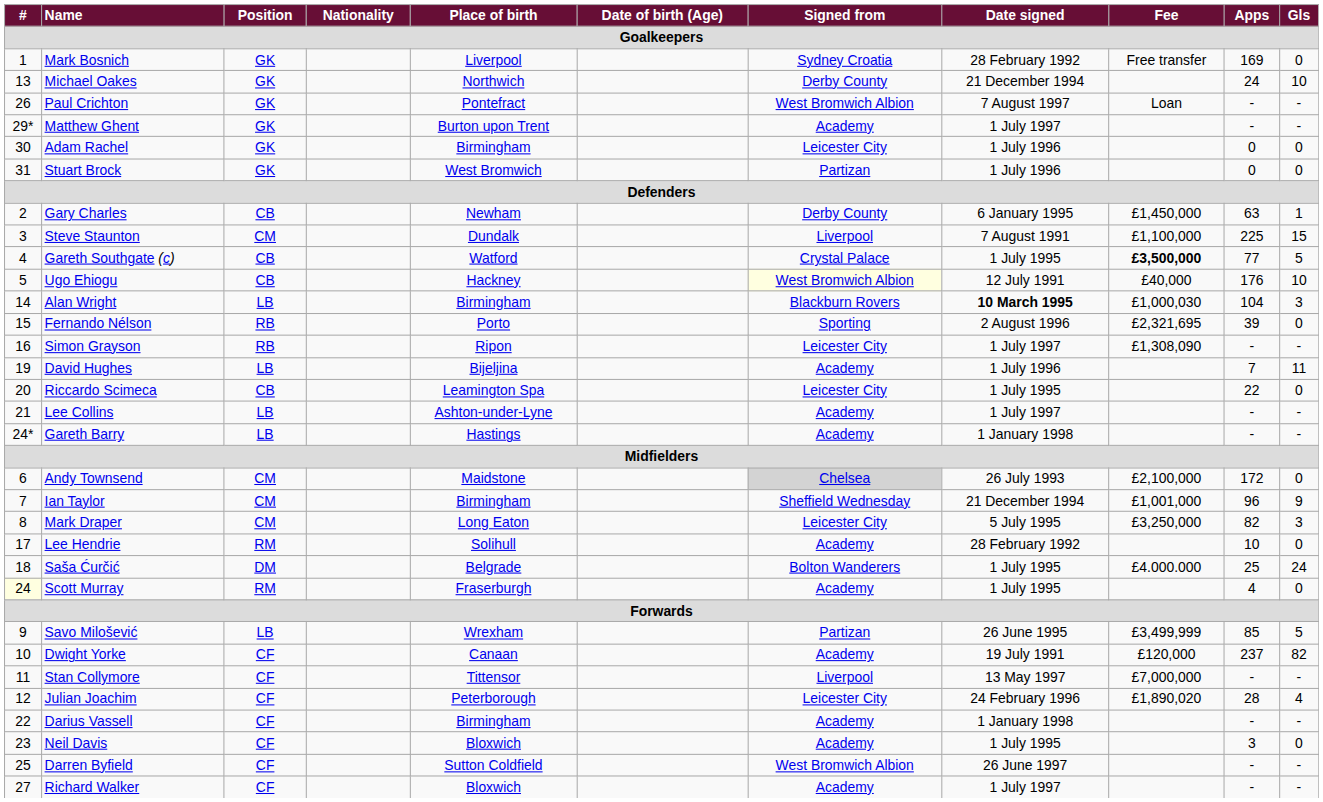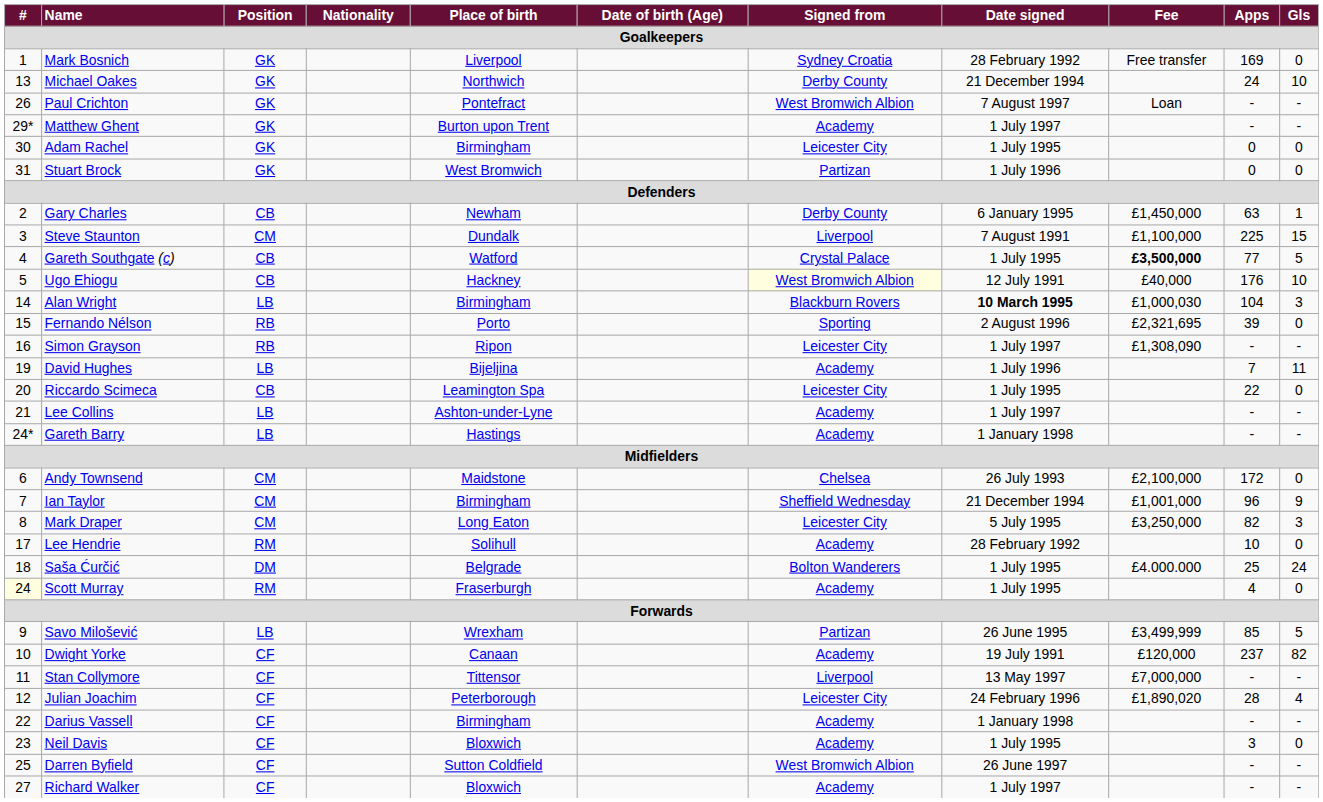 <table class="wikitable" style="text-align:center; font-size:84.5%; width:101%;">
 <tr>
 <th style="background:#670E36; color:#FFFFFF; text-align:center;">#</th>
 <th style="background:#670E36; color:#FFFFFF; text-align:left;">Name</th>
 <th style="background:#670E36; color:#FFFFFF; text-align:center;">Position</th>
 <th style="background:#670E36; color:#FFFFFF; text-align:center;">Nationality</th>
 <th style="background:#670E36; color:#FFFFFF; text-align:center;">Place of birth</th>
 <th style="background:#670E36; color:#FFFFFF; text-align:center;">Date of birth (Age)</th>
 <th style="background:#670E36; color:#FFFFFF; text-align:center;">Signed from</th>
 <th style="background:#670E36; color:#FFFFFF; text-align:center;">Date signed</th>
 <th style="background:#670E36; color:#FFFFFF; text-align:center;">Fee</th>
 <th style="background:#670E36; color:#FFFFFF; text-align:center;">Apps</th>
 <th style="background:#670E36; color:#FFFFFF; text-align:center;">Gls</th>
 </tr>
 <tr>
 <th colspan="11" style="background:#dcdcdc; tepxt-align:center;">Goalkeepers</th>
 </tr>
 <tr>
 <td>1</td>
 <td style="text-align:left;"><a href='#'>Mark Bosnich</a></td>
 <td><a href='#'>GK</a></td>
 <td></td>
 <td><a href='#'>Liverpool</a></td>
 <td></td>
 <td> <a href='#'>Sydney Croatia</a></td>
 <td>28 February 1992</td>
 <td>Free transfer</td>
 <td>169</td>
 <td>0</td>
 </tr>
 <tr>
 <td>13</td>
 <td style="text-align:left;"><a href='#'>Michael Oakes</a></td>
 <td><a href='#'>GK</a></td>
 <td></td>
 <td><a href='#'>Northwich</a></td>
 <td></td>
 <td><a href='#'>Derby County</a></td>
 <td>21 December 1994</td>
 <td></td>
 <td>24</td>
 <td>10</td>
 </tr>
 <tr>
 <td>26</td>
 <td style="text-align:left;"><a href='#'>Paul Crichton</a></td>
 <td><a href='#'>GK</a></td>
 <td></td>
 <td><a href='#'>Pontefract</a></td>
 <td></td>
 <td><a href='#'>West Bromwich Albion</a></td>
 <td>7 August 1997</td>
 <td>Loan</td>
 <td>-</td>
 <td>-</td>
 </tr>
 <tr>
 <td>29*</td>
 <td style="text-align:left;"><a href='#'>Matthew Ghent</a></td>
 <td><a href='#'>GK</a></td>
 <td></td>
 <td><a href='#'>Burton upon Trent</a></td>
 <td></td>
 <td><a href='#'>Academy</a></td>
 <td>1 July 1997</td>
 <td></td>
 <td>-</td>
 <td>-</td>
 </tr>
 <tr>
 <td>30</td>
 <td style="text-align:left;"><a href='#'>Adam Rachel</a></td>
 <td><a href='#'>GK</a></td>
 <td></td>
 <td><a href='#'>Birmingham</a></td>
 <td></td>
 <td><a href='#'>Leicester City</a></td>
-<td>1 July 1996</td>
+<td>1 July 1995</td>
 <td></td>
 <td>0</td>
 <td>0</td>
 </tr>
 <tr>
 <td>31</td>
 <td style="text-align:left;"><a href='#'>Stuart Brock</a></td>
 <td><a href='#'>GK</a></td>
 <td></td>
 <td><a href='#'>West Bromwich</a></td>
 <td></td>
 <td> <a href='#'>Partizan</a></td>
 <td>1 July 1996</td>
 <td></td>
 <td>0</td>
 <td>0</td>
 </tr>
 <tr>
 <th colspan="11" style="background:#dcdcdc; tepxt-align:center;">Defenders</th>
 </tr>
 <tr>
 <td>2</td>
 <td style="text-align:left;"><a href='#'>Gary Charles</a></td>
 <td><a href='#'>CB</a></td>
 <td></td>
 <td><a href='#'>Newham</a></td>
 <td></td>
 <td><a href='#'>Derby County</a></td>
 <td>6 January 1995</td>
 <td>£1,450,000</td>
 <td>63</td>
 <td>1</td>
 </tr>
 <tr>
 <td>3</td>
 <td style="text-align:left;"><a href='#'>Steve Staunton</a></td>
 <td><a href='#'>CM</a></td>
 <td></td>
 <td><a href='#'>Dundalk</a></td>
 <td></td>
 <td><a href='#'>Liverpool</a></td>
 <td>7 August 1991</td>
 <td>£1,100,000</td>
 <td>225</td>
 <td>15</td>
 </tr>
 <tr>
 <td>4</td>
 <td style="text-align:left;"><a href='#'>Gareth Southgate</a> <em>(<a href='#'>c</a>)</em></td>
 <td><a href='#'>CB</a></td>
 <td></td>
 <td><a href='#'>Watford</a></td>
 <td></td>
 <td><a href='#'>Crystal Palace</a></td>
 <td>1 July 1995</td>
 <td><strong>£3,500,000</strong></td>
 <td>77</td>
 <td>5</td>
 </tr>
 <tr>
 <td>5</td>
 <td style="text-align:left;"><a href='#'>Ugo Ehiogu</a></td>
 <td><a href='#'>CB</a></td>
 <td></td>
 <td><a href='#'>Hackney</a></td>
 <td></td>
 <td style="background: lightyellow;"><a href='#'>West Bromwich Albion</a></td>
 <td>12 July 1991</td>
 <td>£40,000</td>
 <td>176</td>
 <td>10</td>
 </tr>
 <tr>
 <td>14</td>
 <td style="text-align:left;"><a href='#'>Alan Wright</a></td>
 <td><a href='#'>LB</a></td>
 <td></td>
 <td><a href='#'>Birmingham</a></td>
 <td></td>
 <td><a href='#'>Blackburn Rovers</a></td>
 <td><strong>10 March 1995</strong></td>
 <td>£1,000,030</td>
 <td>104</td>
 <td>3</td>
 </tr>
 <tr>
 <td>15</td>
 <td style="text-align:left;"><a href='#'>Fernando Nélson</a></td>
 <td><a href='#'>RB</a></td>
 <td></td>
 <td><a href='#'>Porto</a></td>
 <td></td>
 <td> <a href='#'>Sporting</a></td>
 <td>2 August 1996</td>
 <td>£2,321,695</td>
 <td>39</td>
 <td>0</td>
 </tr>
 <tr>
 <td>16</td>
 <td style="text-align:left;"><a href='#'>Simon Grayson</a></td>
 <td><a href='#'>RB</a></td>
 <td></td>
 <td><a href='#'>Ripon</a></td>
 <td></td>
 <td><a href='#'>Leicester City</a></td>
 <td>1 July 1997</td>
 <td>£1,308,090</td>
 <td>-</td>
 <td>-</td>
 </tr>
 <tr>
 <td>19</td>
 <td style="text-align:left;"><a href='#'>David Hughes</a></td>
 <td><a href='#'>LB</a></td>
 <td></td>
 <td><a href='#'>Bijeljina</a></td>
 <td></td>
 <td><a href='#'>Academy</a></td>
 <td>1 July 1996</td>
 <td></td>
 <td>7</td>
 <td>11</td>
 </tr>
 <tr>
 <td>20</td>
 <td style="text-align:left;"><a href='#'>Riccardo Scimeca</a></td>
 <td><a href='#'>CB</a></td>
 <td></td>
 <td><a href='#'>Leamington Spa</a></td>
 <td></td>
 <td><a href='#'>Leicester City</a></td>
 <td>1 July 1995</td>
 <td></td>
 <td>22</td>
 <td>0</td>
 </tr>
 <tr>
 <td>21</td>
 <td style="text-align:left;"><a href='#'>Lee Collins</a></td>
 <td><a href='#'>LB</a></td>
 <td></td>
 <td><a href='#'>Ashton-under-Lyne</a></td>
 <td></td>
 <td><a href='#'>Academy</a></td>
 <td>1 July 1997</td>
 <td></td>
 <td>-</td>
 <td>-</td>
 </tr>
 <tr>
 <td>24*</td>
 <td style="text-align:left;"><a href='#'>Gareth Barry</a></td>
 <td><a href='#'>LB</a></td>
 <td></td>
 <td><a href='#'>Hastings</a></td>
 <td></td>
 <td><a href='#'>Academy</a></td>
 <td>1 January 1998</td>
 <td></td>
 <td>-</td>
 <td>-</td>
 </tr>
 <tr>
 <th colspan="11" style="background:#dcdcdc; tepxt-align:center;">Midfielders</th>
 </tr>
 <tr>
 <td>6</td>
 <td style="text-align:left;"><a href='#'>Andy Townsend</a></td>
 <td><a href='#'>CM</a></td>
 <td></td>
 <td> <a href='#'>Maidstone</a></td>
 <td></td>
-<td style="background: lightgrey;"><a href='#'>Chelsea</a></td>
+<td><a href='#'>Chelsea</a></td>
 <td>26 July 1993</td>
 <td>£2,100,000</td>
 <td>172</td>
 <td>0</td>
 </tr>
 <tr>
 <td>7</td>
 <td style="text-align:left;"><a href='#'>Ian Taylor</a></td>
 <td><a href='#'>CM</a></td>
 <td></td>
 <td><a href='#'>Birmingham</a></td>
 <td></td>
 <td><a href='#'>Sheffield Wednesday</a></td>
 <td>21 December 1994</td>
 <td>£1,001,000</td>
 <td>96</td>
 <td>9</td>
 </tr>
 <tr>
 <td>8</td>
 <td style="text-align:left;"><a href='#'>Mark Draper</a></td>
 <td><a href='#'>CM</a></td>
 <td></td>
 <td><a href='#'>Long Eaton</a></td>
 <td></td>
 <td><a href='#'>Leicester City</a></td>
 <td>5 July 1995</td>
 <td>£3,250,000</td>
 <td>82</td>
 <td>3</td>
 </tr>
 <tr>
 <td>17</td>
 <td style="text-align:left;"><a href='#'>Lee Hendrie</a></td>
 <td><a href='#'>RM</a></td>
 <td></td>
 <td><a href='#'>Solihull</a></td>
 <td></td>
 <td><a href='#'>Academy</a></td>
 <td>28 February 1992</td>
 <td></td>
 <td>10</td>
 <td>0</td>
 </tr>
 <tr>
 <td>18</td>
 <td style="text-align:left;"><a href='#'>Saša Ćurčić</a></td>
 <td><a href='#'>DM</a></td>
 <td></td>
 <td><a href='#'>Belgrade</a></td>
 <td></td>
 <td><a href='#'>Bolton Wanderers</a></td>
 <td>1 July 1995</td>
 <td>£4.000.000</td>
 <td>25</td>
 <td>24</td>
 </tr>
 <tr>
 <td style="background: lightyellow;">24</td>
 <td style="text-align:left;"><a href='#'>Scott Murray</a></td>
 <td><a href='#'>RM</a></td>
 <td></td>
 <td><a href='#'>Fraserburgh</a></td>
 <td></td>
 <td><a href='#'>Academy</a></td>
 <td>1 July 1995</td>
 <td></td>
 <td>4</td>
 <td>0</td>
 </tr>
 <tr>
 <th colspan="11" style="background:#dcdcdc; tepxt-align:center;">Forwards</th>
 </tr>
 <tr>
 <td>9</td>
 <td style="text-align:left;"><a href='#'>Savo Milošević</a></td>
 <td><a href='#'>LB</a></td>
 <td></td>
 <td><a href='#'>Wrexham</a></td>
 <td></td>
 <td> <a href='#'>Partizan</a></td>
 <td>26 June 1995</td>
 <td>£3,499,999</td>
 <td>85</td>
 <td>5</td>
 </tr>
 <tr>
 <td>10</td>
 <td style="text-align:left;"><a href='#'>Dwight Yorke</a></td>
 <td><a href='#'>CF</a></td>
 <td></td>
 <td><a href='#'>Canaan</a></td>
 <td></td>
 <td><a href='#'>Academy</a></td>
 <td>19 July 1991</td>
 <td>£120,000</td>
 <td>237</td>
 <td>82</td>
 </tr>
 <tr>
 <td>11</td>
 <td style="text-align:left;"><a href='#'>Stan Collymore</a></td>
 <td><a href='#'>CF</a></td>
 <td></td>
 <td><a href='#'>Tittensor</a></td>
 <td></td>
 <td><a href='#'>Liverpool</a></td>
 <td>13 May 1997</td>
 <td>£7,000,000</td>
 <td>-</td>
 <td>-</td>
 </tr>
 <tr>
 <td>12</td>
 <td style="text-align:left;"><a href='#'>Julian Joachim</a></td>
 <td><a href='#'>CF</a></td>
 <td></td>
 <td><a href='#'>Peterborough</a></td>
 <td></td>
 <td><a href='#'>Leicester City</a></td>
 <td>24 February 1996</td>
 <td>£1,890,020</td>
 <td>28</td>
 <td>4</td>
 </tr>
 <tr>
 <td>22</td>
 <td style="text-align:left;"><a href='#'>Darius Vassell</a></td>
 <td><a href='#'>CF</a></td>
 <td></td>
 <td><a href='#'>Birmingham</a></td>
 <td></td>
 <td><a href='#'>Academy</a></td>
 <td>1 January 1998</td>
 <td></td>
 <td>-</td>
 <td>-</td>
 </tr>
 <tr>
 <td>23</td>
 <td style="text-align:left;"><a href='#'>Neil Davis</a></td>
 <td><a href='#'>CF</a></td>
 <td></td>
 <td><a href='#'>Bloxwich</a></td>
 <td></td>
 <td><a href='#'>Academy</a></td>
 <td>1 July 1995</td>
 <td></td>
 <td>3</td>
 <td>0</td>
 </tr>
 <tr>
 <td>25</td>
 <td style="text-align:left;"><a href='#'>Darren Byfield</a></td>
 <td><a href='#'>CF</a></td>
 <td></td>
 <td> <a href='#'>Sutton Coldfield</a></td>
 <td></td>
 <td><a href='#'>West Bromwich Albion</a></td>
 <td>26 June 1997</td>
 <td></td>
 <td>-</td>
 <td>-</td>
 </tr>
 <tr>
 <td>27</td>
 <td style="text-align:left;"><a href='#'>Richard Walker</a></td>
 <td><a href='#'>CF</a></td>
 <td></td>
 <td><a href='#'>Bloxwich</a></td>
 <td></td>
 <td><a href='#'>Academy</a></td>
 <td>1 July 1997</td>
 <td></td>
 <td>-</td>
 <td>-</td>
 </tr>
 </table>
